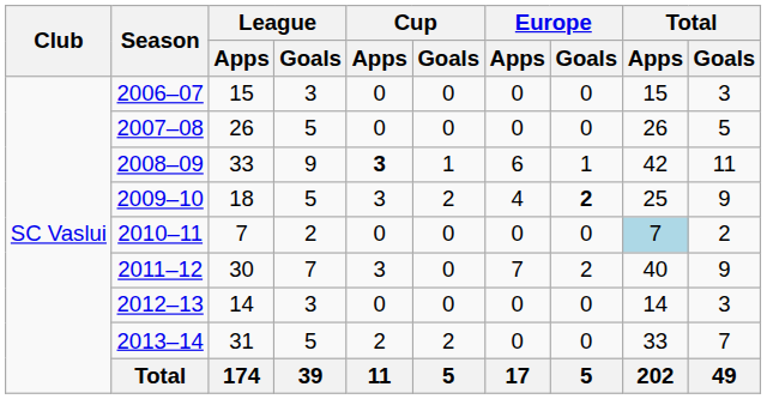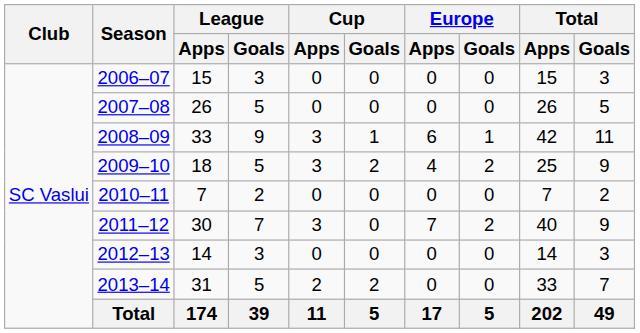 <table class="wikitable" style="text-align:center">
 <tr>
 <th rowspan="2">Club</th>
 <th rowspan="2">Season</th>
 <th colspan="2">League</th>
 <th colspan="2">Cup</th>
 <th colspan="2"><a href='#'>Europe</a></th>
 <th colspan="2">Total</th>
 </tr>
 <tr>
 <th>Apps</th>
 <th>Goals</th>
 <th>Apps</th>
 <th>Goals</th>
 <th>Apps</th>
 <th>Goals</th>
 <th>Apps</th>
 <th>Goals</th>
 </tr>
 <tr>
 <td rowspan="9"><a href='#'>SC Vaslui</a></td>
 <td><a href='#'>2006–07</a></td>
 <td>15</td>
 <td>3</td>
 <td>0</td>
 <td>0</td>
 <td>0</td>
 <td>0</td>
 <td>15</td>
 <td>3</td>
 </tr>
 <tr>
 <td><a href='#'>2007–08</a></td>
 <td>26</td>
 <td>5</td>
 <td>0</td>
 <td>0</td>
 <td>0</td>
 <td>0</td>
 <td>26</td>
 <td>5</td>
 </tr>
 <tr>
 <td><a href='#'>2008–09</a></td>
 <td>33</td>
 <td>9</td>
-<td><strong>3</strong></td>
+<td>3</td>
 <td>1</td>
 <td>6</td>
 <td>1</td>
 <td>42</td>
 <td>11</td>
 </tr>
 <tr>
 <td><a href='#'>2009–10</a></td>
 <td>18</td>
 <td>5</td>
 <td>3</td>
 <td>2</td>
 <td>4</td>
-<td><strong>2</strong></td>
+<td>2</td>
 <td>25</td>
 <td>9</td>
 </tr>
 <tr>
 <td><a href='#'>2010–11</a></td>
 <td>7</td>
 <td>2</td>
 <td>0</td>
 <td>0</td>
 <td>0</td>
 <td>0</td>
-<td style="background: lightblue;">7</td>
+<td>7</td>
 <td>2</td>
 </tr>
 <tr>
 <td><a href='#'>2011–12</a></td>
 <td>30</td>
 <td>7</td>
 <td>3</td>
 <td>0</td>
 <td>7</td>
 <td>2</td>
 <td>40</td>
 <td>9</td>
 </tr>
 <tr>
 <td><a href='#'>2012–13</a></td>
 <td>14</td>
 <td>3</td>
 <td>0</td>
 <td>0</td>
 <td>0</td>
 <td>0</td>
 <td>14</td>
 <td>3</td>
 </tr>
 <tr>
 <td><a href='#'>2013–14</a></td>
 <td>31</td>
 <td>5</td>
 <td>2</td>
 <td>2</td>
 <td>0</td>
 <td>0</td>
 <td>33</td>
 <td>7</td>
 </tr>
 <tr>
 <th>Total</th>
 <th>174</th>
 <th>39</th>
 <th>11</th>
 <th>5</th>
 <th>17</th>
 <th>5</th>
 <th>202</th>
 <th>49</th>
 </tr>
 </table>
